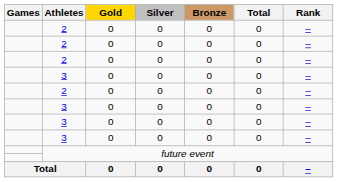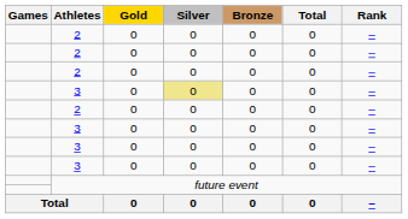 <table class="wikitable" style="text-align:center; font-size:90%;">
 <tr>
 <th>Games</th>
 <th>Athletes</th>
 <td style="background:gold; width:4.5em; font-weight:bold;">Gold</td>
 <td style="background:silver; width:4.5em; font-weight:bold;">Silver</td>
 <td style="background:#cc9966; width:4.5em; font-weight:bold;">Bronze</td>
 <th style="width:4.5em; font-weight:bold;">Total</th>
 <th style="width:4.5em; font-weight:bold;">Rank</th>
 </tr>
 <tr>
 <td align=left></td>
 <td><a href='#'>2</a></td>
 <td>0</td>
 <td>0</td>
 <td>0</td>
 <td>0</td>
 <td><a href='#'>–</a></td>
 </tr>
 <tr>
 <td align=left></td>
 <td><a href='#'>2</a></td>
 <td>0</td>
 <td>0</td>
 <td>0</td>
 <td>0</td>
 <td><a href='#'>–</a></td>
 </tr>
 <tr>
 <td align=left></td>
 <td><a href='#'>2</a></td>
 <td>0</td>
 <td>0</td>
 <td>0</td>
 <td>0</td>
 <td><a href='#'>–</a></td>
 </tr>
 <tr>
 <td align=left></td>
 <td><a href='#'>3</a></td>
 <td>0</td>
-<td>0</td>
+<td style="background: khaki;">0</td>
 <td>0</td>
 <td>0</td>
 <td><a href='#'>–</a></td>
 </tr>
 <tr>
 <td align=left></td>
 <td><a href='#'>2</a></td>
 <td>0</td>
 <td>0</td>
 <td>0</td>
 <td>0</td>
 <td><a href='#'>–</a></td>
 </tr>
 <tr>
 <td align=left></td>
 <td><a href='#'>3</a></td>
 <td>0</td>
 <td>0</td>
 <td>0</td>
 <td>0</td>
 <td><a href='#'>–</a></td>
 </tr>
 <tr>
 <td align=left></td>
 <td><a href='#'>3</a></td>
 <td>0</td>
 <td>0</td>
 <td>0</td>
 <td>0</td>
 <td><a href='#'>–</a></td>
 </tr>
 <tr>
 <td align=left></td>
 <td><a href='#'>3</a></td>
 <td>0</td>
 <td>0</td>
 <td>0</td>
 <td>0</td>
 <td><a href='#'>–</a></td>
 </tr>
 <tr>
 <td align=left></td>
 <td colspan=6; rowspan=2><em>future event</em></td>
 </tr>
 <tr>
 <td align=left></td>
 </tr>
 <tr>
 <th colspan=2>Total</th>
 <th>0</th>
 <th>0</th>
 <th>0</th>
 <th>0</th>
 <th><a href='#'>–</a></th>
 </tr>
 </table>
